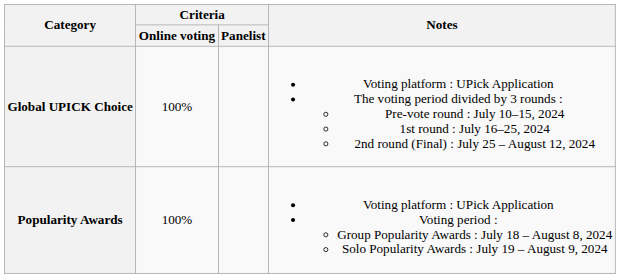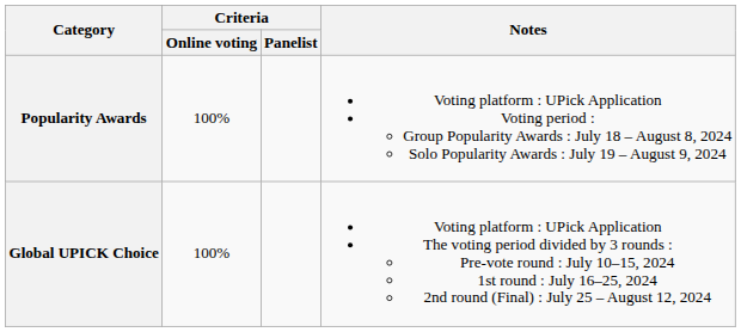 <table class="wikitable plainrowheaders" style="text-align:center">
 <tr>
 <th scope="col" rowspan="2">Category</th>
 <th scope="col" colspan="2">Criteria</th>
 <th scope="col" rowspan="2">Notes</th>
 </tr>
 <tr>
 <th scope="col">Online voting</th>
 <th scope="col">Panelist</th>
 </tr>
 <tr>
+<th scope="row">Popularity Awards</th>
+<td>100%</td>
+<td></td>
+<td><br><ul><li>Voting platform : UPick Application</li><li>Voting period :<ul><li>Group Popularity Awards : July 18 – August 8, 2024</li><li>Solo Popularity Awards : July 19 – August 9, 2024</li></ul></li></ul></td>
+</tr>
+<tr>
 <th scope="row">Global UPICK Choice</th>
 <td>100%</td>
 <td></td>
 <td><br><ul><li>Voting platform : UPick Application</li><li>The voting period divided by 3 rounds :<ul><li>Pre-vote round : July 10–15, 2024</li><li>1st round : July 16–25, 2024</li><li>2nd round (Final) : July 25 – August 12, 2024</li></ul></li></ul></td>
 </tr>
-<tr>
-<th scope="row">Popularity Awards</th>
-<td>100%</td>
-<td></td>
-<td><br><ul><li>Voting platform : UPick Application</li><li>Voting period :<ul><li>Group Popularity Awards : July 18 – August 8, 2024</li><li>Solo Popularity Awards : July 19 – August 9, 2024</li></ul></li></ul></td>
-</tr>
 </table>
